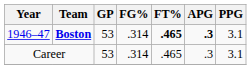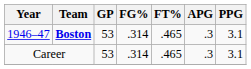 <table class="wikitable sortable" style="font-size:95%; text-align:right;">
 <tr>
 <th>Year</th>
 <th>Team</th>
 <th>GP</th>
 <th>FG%</th>
 <th>FT%</th>
 <th>APG</th>
 <th>PPG</th>
 </tr>
 <tr>
 <td style="text-align:left;"><a href='#'>1946–47</a></td>
 <td style="text-align:left;"><strong><a href='#'>Boston</a></strong></td>
 <td>53</td>
 <td>.314</td>
-<td><strong>.465</strong></td>
-<td><strong>.3</strong></td>
+<td>.465</td>
+<td>.3</td>
 <td>3.1</td>
 </tr>
 <tr>
 <td style="text-align:center;" colspan="2">Career</td>
 <td>53</td>
 <td>.314</td>
 <td>.465</td>
 <td>.3</td>
 <td>3.1</td>
 </tr>
 <tr>
 </tr>
 </table>
